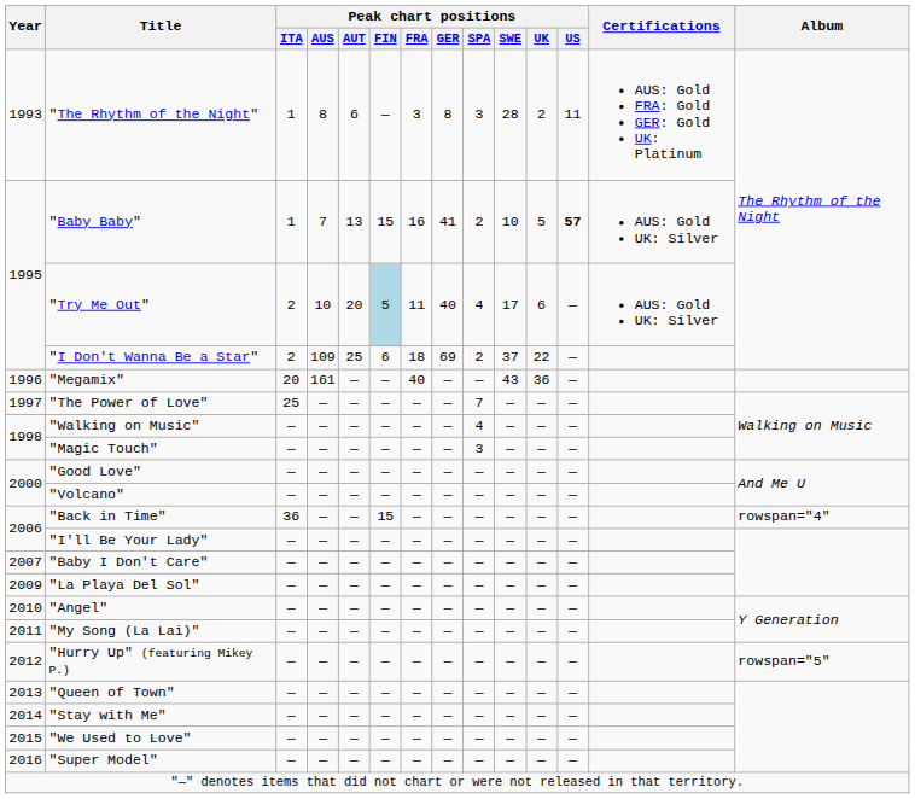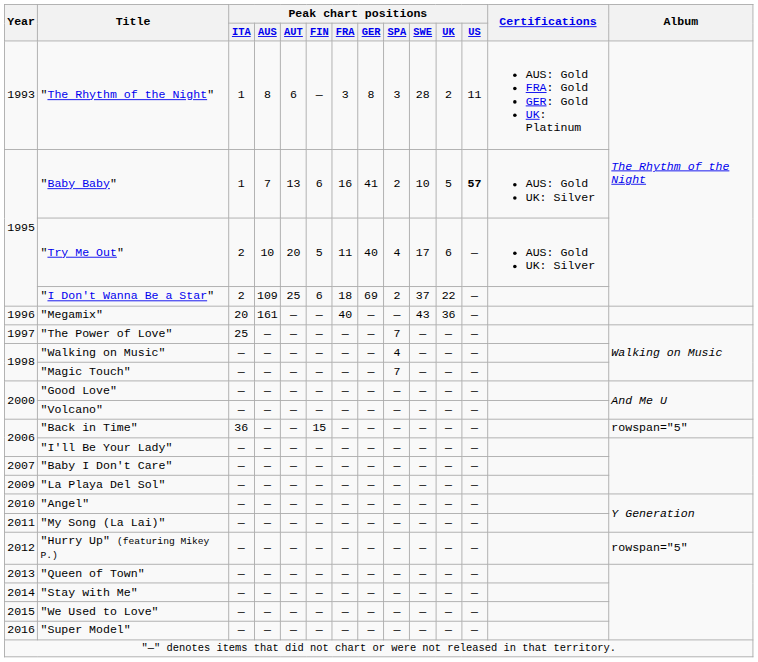 <table class="wikitable">
 <tr>
 <th rowspan="2" style="width:2em;">Year</th>
 <th rowspan="2" style="width:16em;">Title</th>
 <th colspan="10">Peak chart positions</th>
 <th rowspan="2" style="width:10em;"><a href='#'>Certifications</a></th>
 <th rowspan="2" style="width:12em;">Album</th>
 </tr>
 <tr>
 <th style="width:2em;font-size:90%;"><a href='#'>ITA</a><br></th>
 <th style="width:2em;font-size:90%;"><a href='#'>AUS</a><br></th>
 <th style="width:2em;font-size:90%;"><a href='#'>AUT</a><br></th>
 <th style="width:2em;font-size:90%;"><a href='#'>FIN</a><br></th>
 <th style="width:2em;font-size:90%;"><a href='#'>FRA</a><br></th>
 <th style="width:2em;font-size:90%;"><a href='#'>GER</a><br></th>
 <th style="width:2em;font-size:90%;"><a href='#'>SPA</a><br></th>
 <th style="width:2em;font-size:90%;"><a href='#'>SWE</a><br></th>
 <th style="width:2em;font-size:90%;"><a href='#'>UK</a><br></th>
 <th style="width:2em;font-size:90%;"><a href='#'>US</a><br></th>
 </tr>
 <tr>
 <td>1993</td>
 <td>"<a href='#'>The Rhythm of the Night</a>"</td>
 <td align="center">1</td>
 <td align="center">8</td>
 <td align="center">6</td>
 <td align="center">—</td>
 <td align="center">3</td>
 <td align="center">8</td>
 <td align="center">3</td>
 <td align="center">28</td>
 <td align="center">2</td>
 <td align="center">11</td>
 <td><br><ul><li>AUS: Gold</li><li><a href='#'>FRA</a>: Gold</li><li><a href='#'>GER</a>: Gold</li><li><a href='#'>UK</a>: Platinum</li></ul></td>
 <td rowspan="4"><em><a href='#'>The Rhythm of the Night</a></em></td>
 </tr>
 <tr>
 <td rowspan="3">1995</td>
 <td>"<a href='#'>Baby Baby</a>"</td>
 <td align="center">1</td>
 <td align="center">7</td>
 <td align="center">13</td>
-<td align="center">15</td>
+<td align="center">6</td>
 <td align="center">16</td>
 <td align="center">41</td>
 <td align="center">2</td>
 <td align="center">10</td>
 <td align="center">5</td>
 <td align="center"><strong>57</strong></td>
 <td><br><ul><li>AUS: Gold</li><li>UK: Silver</li></ul></td>
 </tr>
 <tr>
 <td>"<a href='#'>Try Me Out</a>"</td>
 <td align="center">2</td>
 <td align="center">10</td>
 <td align="center">20</td>
-<td align="center" style="background: lightblue;">5</td>
+<td align="center">5</td>
 <td align="center">11</td>
 <td align="center">40</td>
 <td align="center">4</td>
 <td align="center">17</td>
 <td align="center">6</td>
 <td align="center">—</td>
 <td><br><ul><li>AUS: Gold</li><li>UK: Silver</li></ul></td>
 </tr>
 <tr>
 <td>"<a href='#'>I Don't Wanna Be a Star</a>"</td>
 <td align="center">2</td>
 <td align="center">109</td>
 <td align="center">25</td>
 <td align="center">6</td>
 <td align="center">18</td>
 <td align="center">69</td>
 <td align="center">2</td>
 <td align="center">37</td>
 <td align="center">22</td>
 <td align="center">—</td>
 <td></td>
 </tr>
 <tr>
 <td>1996</td>
 <td>"Megamix"</td>
 <td align="center">20</td>
 <td align="center">161</td>
 <td align="center">—</td>
 <td align="center">—</td>
 <td align="center">40</td>
 <td align="center">—</td>
 <td align="center">—</td>
 <td align="center">43</td>
 <td align="center">36</td>
 <td align="center">—</td>
 <td></td>
 <td></td>
 </tr>
 <tr>
 <td>1997</td>
 <td>"The Power of Love"</td>
 <td align="center">25</td>
 <td align="center">—</td>
 <td align="center">—</td>
 <td align="center">—</td>
 <td align="center">—</td>
 <td align="center">—</td>
 <td align="center">7</td>
 <td align="center">—</td>
 <td align="center">—</td>
 <td align="center">—</td>
 <td></td>
 <td rowspan="3"><em>Walking on Music</em></td>
 </tr>
 <tr>
 <td rowspan="2">1998</td>
 <td>"Walking on Music"</td>
 <td align="center">—</td>
 <td align="center">—</td>
 <td align="center">—</td>
 <td align="center">—</td>
 <td align="center">—</td>
 <td align="center">—</td>
 <td align="center">4</td>
 <td align="center">—</td>
 <td align="center">—</td>
 <td align="center">—</td>
 <td></td>
 </tr>
 <tr>
 <td>"Magic Touch"</td>
 <td align="center">—</td>
 <td align="center">—</td>
 <td align="center">—</td>
 <td align="center">—</td>
 <td align="center">—</td>
 <td align="center">—</td>
-<td align="center">3</td>
+<td align="center">7</td>
 <td align="center">—</td>
 <td align="center">—</td>
 <td align="center">—</td>
 <td></td>
 </tr>
 <tr>
 <td rowspan="2">2000</td>
 <td>"Good Love"</td>
 <td align="center">—</td>
 <td align="center">—</td>
 <td align="center">—</td>
 <td align="center">—</td>
 <td align="center">—</td>
 <td align="center">—</td>
 <td align="center">—</td>
 <td align="center">—</td>
 <td align="center">—</td>
 <td align="center">—</td>
 <td></td>
 <td rowspan="2"><em>And Me U</em></td>
 </tr>
 <tr>
 <td>"Volcano"</td>
 <td align="center">—</td>
 <td align="center">—</td>
 <td align="center">—</td>
 <td align="center">—</td>
 <td align="center">—</td>
 <td align="center">—</td>
 <td align="center">—</td>
 <td align="center">—</td>
 <td align="center">—</td>
 <td align="center">—</td>
 <td></td>
 </tr>
 <tr>
 <td rowspan="2">2006</td>
 <td>"Back in Time"</td>
 <td align="center">36</td>
 <td align="center">—</td>
 <td align="center">—</td>
 <td align="center">15</td>
 <td align="center">—</td>
 <td align="center">—</td>
 <td align="center">—</td>
 <td align="center">—</td>
 <td align="center">—</td>
 <td align="center">—</td>
 <td></td>
-<td>rowspan="4" </td>
+<td>rowspan="5" </td>
 </tr>
 <tr>
 <td>"I'll Be Your Lady"</td>
 <td align="center">—</td>
 <td align="center">—</td>
 <td align="center">—</td>
 <td align="center">—</td>
 <td align="center">—</td>
 <td align="center">—</td>
 <td align="center">—</td>
 <td align="center">—</td>
 <td align="center">—</td>
 <td align="center">—</td>
 <td></td>
 </tr>
 <tr>
 <td>2007</td>
 <td>"Baby I Don't Care"</td>
 <td align="center">—</td>
 <td align="center">—</td>
 <td align="center">—</td>
 <td align="center">—</td>
 <td align="center">—</td>
 <td align="center">—</td>
 <td align="center">—</td>
 <td align="center">—</td>
 <td align="center">—</td>
 <td align="center">—</td>
 <td></td>
 </tr>
 <tr>
 <td>2009</td>
 <td>"La Playa Del Sol"</td>
 <td align="center">—</td>
 <td align="center">—</td>
 <td align="center">—</td>
 <td align="center">—</td>
 <td align="center">—</td>
 <td align="center">—</td>
 <td align="center">—</td>
 <td align="center">—</td>
 <td align="center">—</td>
 <td align="center">—</td>
 <td></td>
 </tr>
 <tr>
 <td>2010</td>
 <td>"Angel"</td>
 <td align="center">—</td>
 <td align="center">—</td>
 <td align="center">—</td>
 <td align="center">—</td>
 <td align="center">—</td>
 <td align="center">—</td>
 <td align="center">—</td>
 <td align="center">—</td>
 <td align="center">—</td>
 <td align="center">—</td>
 <td></td>
 <td rowspan="2"><em>Y Generation</em></td>
 </tr>
 <tr>
 <td>2011</td>
 <td>"My Song (La Lai)"</td>
 <td align="center">—</td>
 <td align="center">—</td>
 <td align="center">—</td>
 <td align="center">—</td>
 <td align="center">—</td>
 <td align="center">—</td>
 <td align="center">—</td>
 <td align="center">—</td>
 <td align="center">—</td>
 <td align="center">—</td>
 <td></td>
 </tr>
 <tr>
 <td>2012</td>
 <td>"Hurry Up" <small>(featuring Mikey P.)</small></td>
 <td align="center">—</td>
 <td align="center">—</td>
 <td align="center">—</td>
 <td align="center">—</td>
 <td align="center">—</td>
 <td align="center">—</td>
 <td align="center">—</td>
 <td align="center">—</td>
 <td align="center">—</td>
 <td align="center">—</td>
 <td></td>
 <td>rowspan="5" </td>
 </tr>
 <tr>
 <td>2013</td>
 <td>"Queen of Town"</td>
 <td align="center">—</td>
 <td align="center">—</td>
 <td align="center">—</td>
 <td align="center">—</td>
 <td align="center">—</td>
 <td align="center">—</td>
 <td align="center">—</td>
 <td align="center">—</td>
 <td align="center">—</td>
 <td align="center">—</td>
 <td></td>
 </tr>
 <tr>
 <td>2014</td>
 <td>"Stay with Me"</td>
 <td align="center">—</td>
 <td align="center">—</td>
 <td align="center">—</td>
 <td align="center">—</td>
 <td align="center">—</td>
 <td align="center">—</td>
 <td align="center">—</td>
 <td align="center">—</td>
 <td align="center">—</td>
 <td align="center">—</td>
 <td></td>
 </tr>
 <tr>
 <td>2015</td>
 <td>"We Used to Love"</td>
 <td align="center">—</td>
 <td align="center">—</td>
 <td align="center">—</td>
 <td align="center">—</td>
 <td align="center">—</td>
 <td align="center">—</td>
 <td align="center">—</td>
 <td align="center">—</td>
 <td align="center">—</td>
 <td align="center">—</td>
 <td></td>
 </tr>
 <tr>
 <td>2016</td>
 <td>"Super Model"</td>
 <td align="center">—</td>
 <td align="center">—</td>
 <td align="center">—</td>
 <td align="center">—</td>
 <td align="center">—</td>
 <td align="center">—</td>
 <td align="center">—</td>
 <td align="center">—</td>
 <td align="center">—</td>
 <td align="center">—</td>
 <td></td>
 </tr>
 <tr>
 <td align="center" colspan="15" style="font-size:90%">"—" denotes items that did not chart or were not released in that territory.</td>
 </tr>
 </table>
